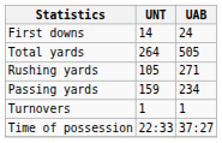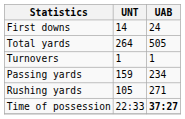 <table class="wikitable">
 <tr>
 <th>Statistics</th>
 <th>UNT</th>
 <th>UAB</th>
 </tr>
 <tr>
 <td>First downs</td>
 <td>14</td>
 <td>24</td>
 </tr>
 <tr>
 <td>Total yards</td>
 <td>264</td>
 <td>505</td>
 </tr>
 <tr>
-<td>Rushing yards</td>
-<td>105</td>
-<td>271</td>
+<td>Turnovers</td>
+<td>1</td>
+<td>1</td>
 </tr>
 <tr>
 <td>Passing yards</td>
 <td>159</td>
 <td>234</td>
 </tr>
 <tr>
-<td>Turnovers</td>
-<td>1</td>
-<td>1</td>
+<td>Rushing yards</td>
+<td>105</td>
+<td>271</td>
 </tr>
 <tr>
 <td>Time of possession</td>
 <td>22:33</td>
-<td>37:27</td>
+<td><strong>37:27</strong></td>
 </tr>
 <tr>
 </tr>
 </table>
